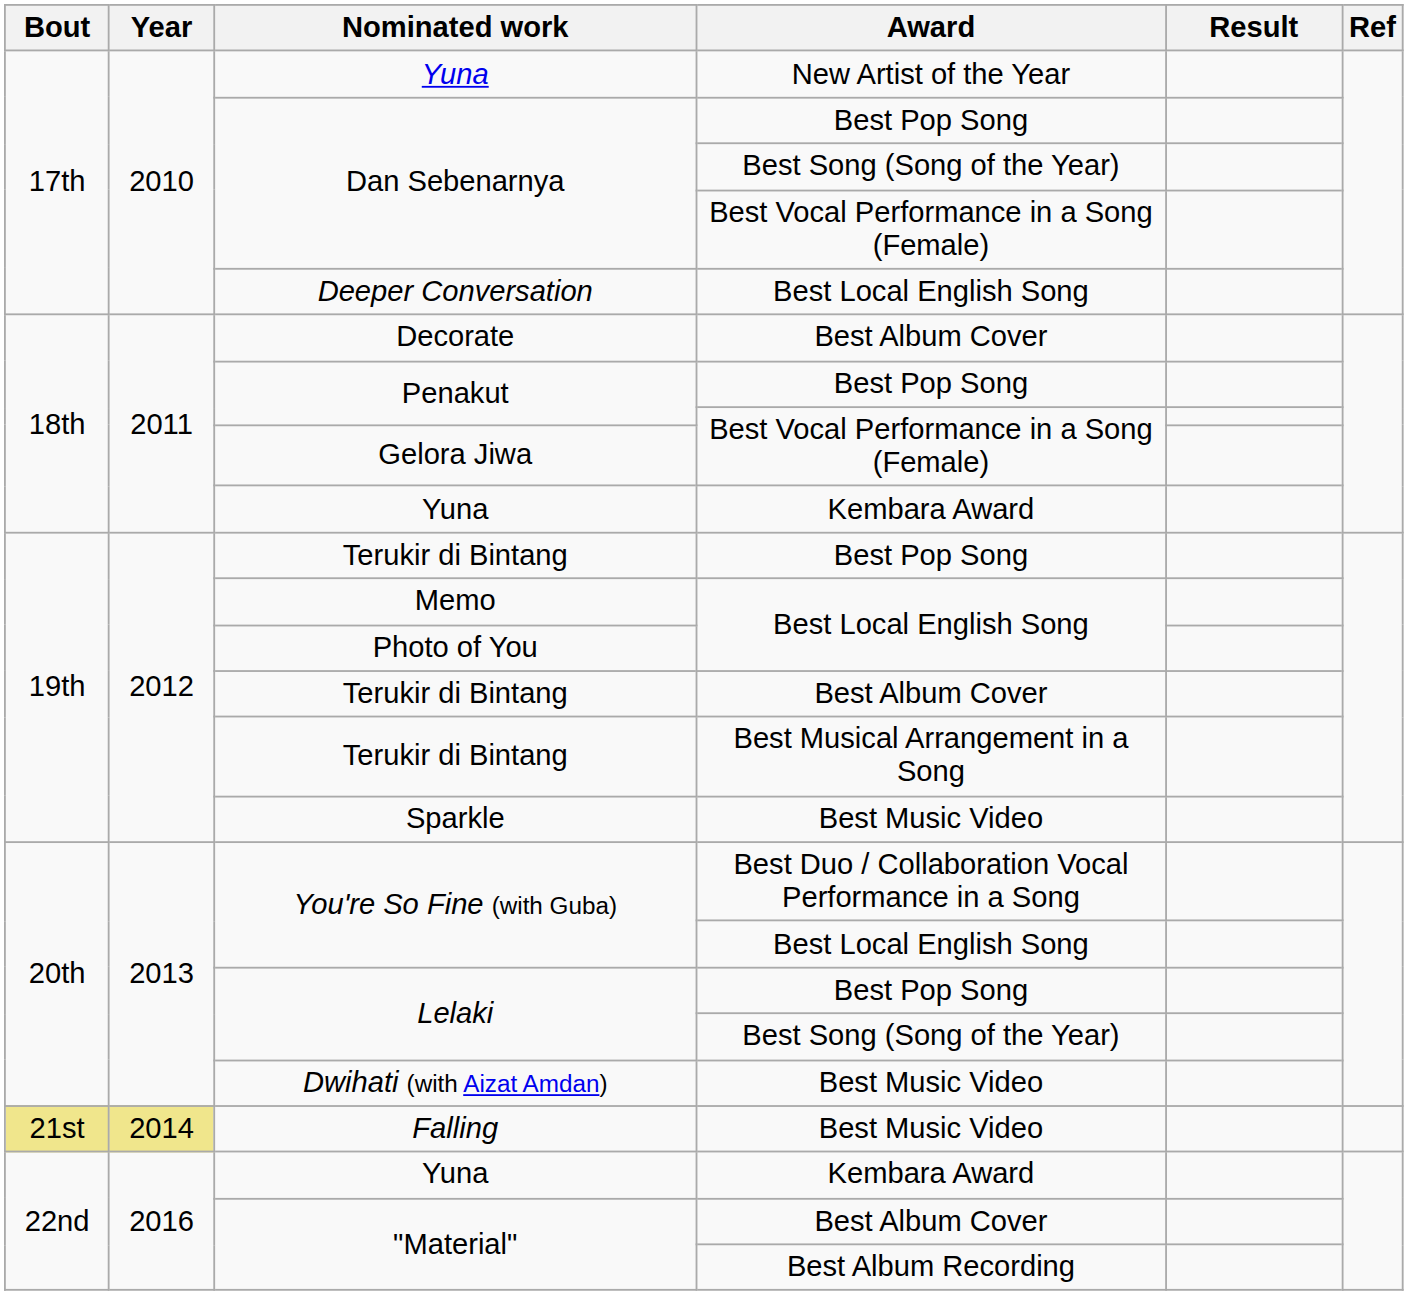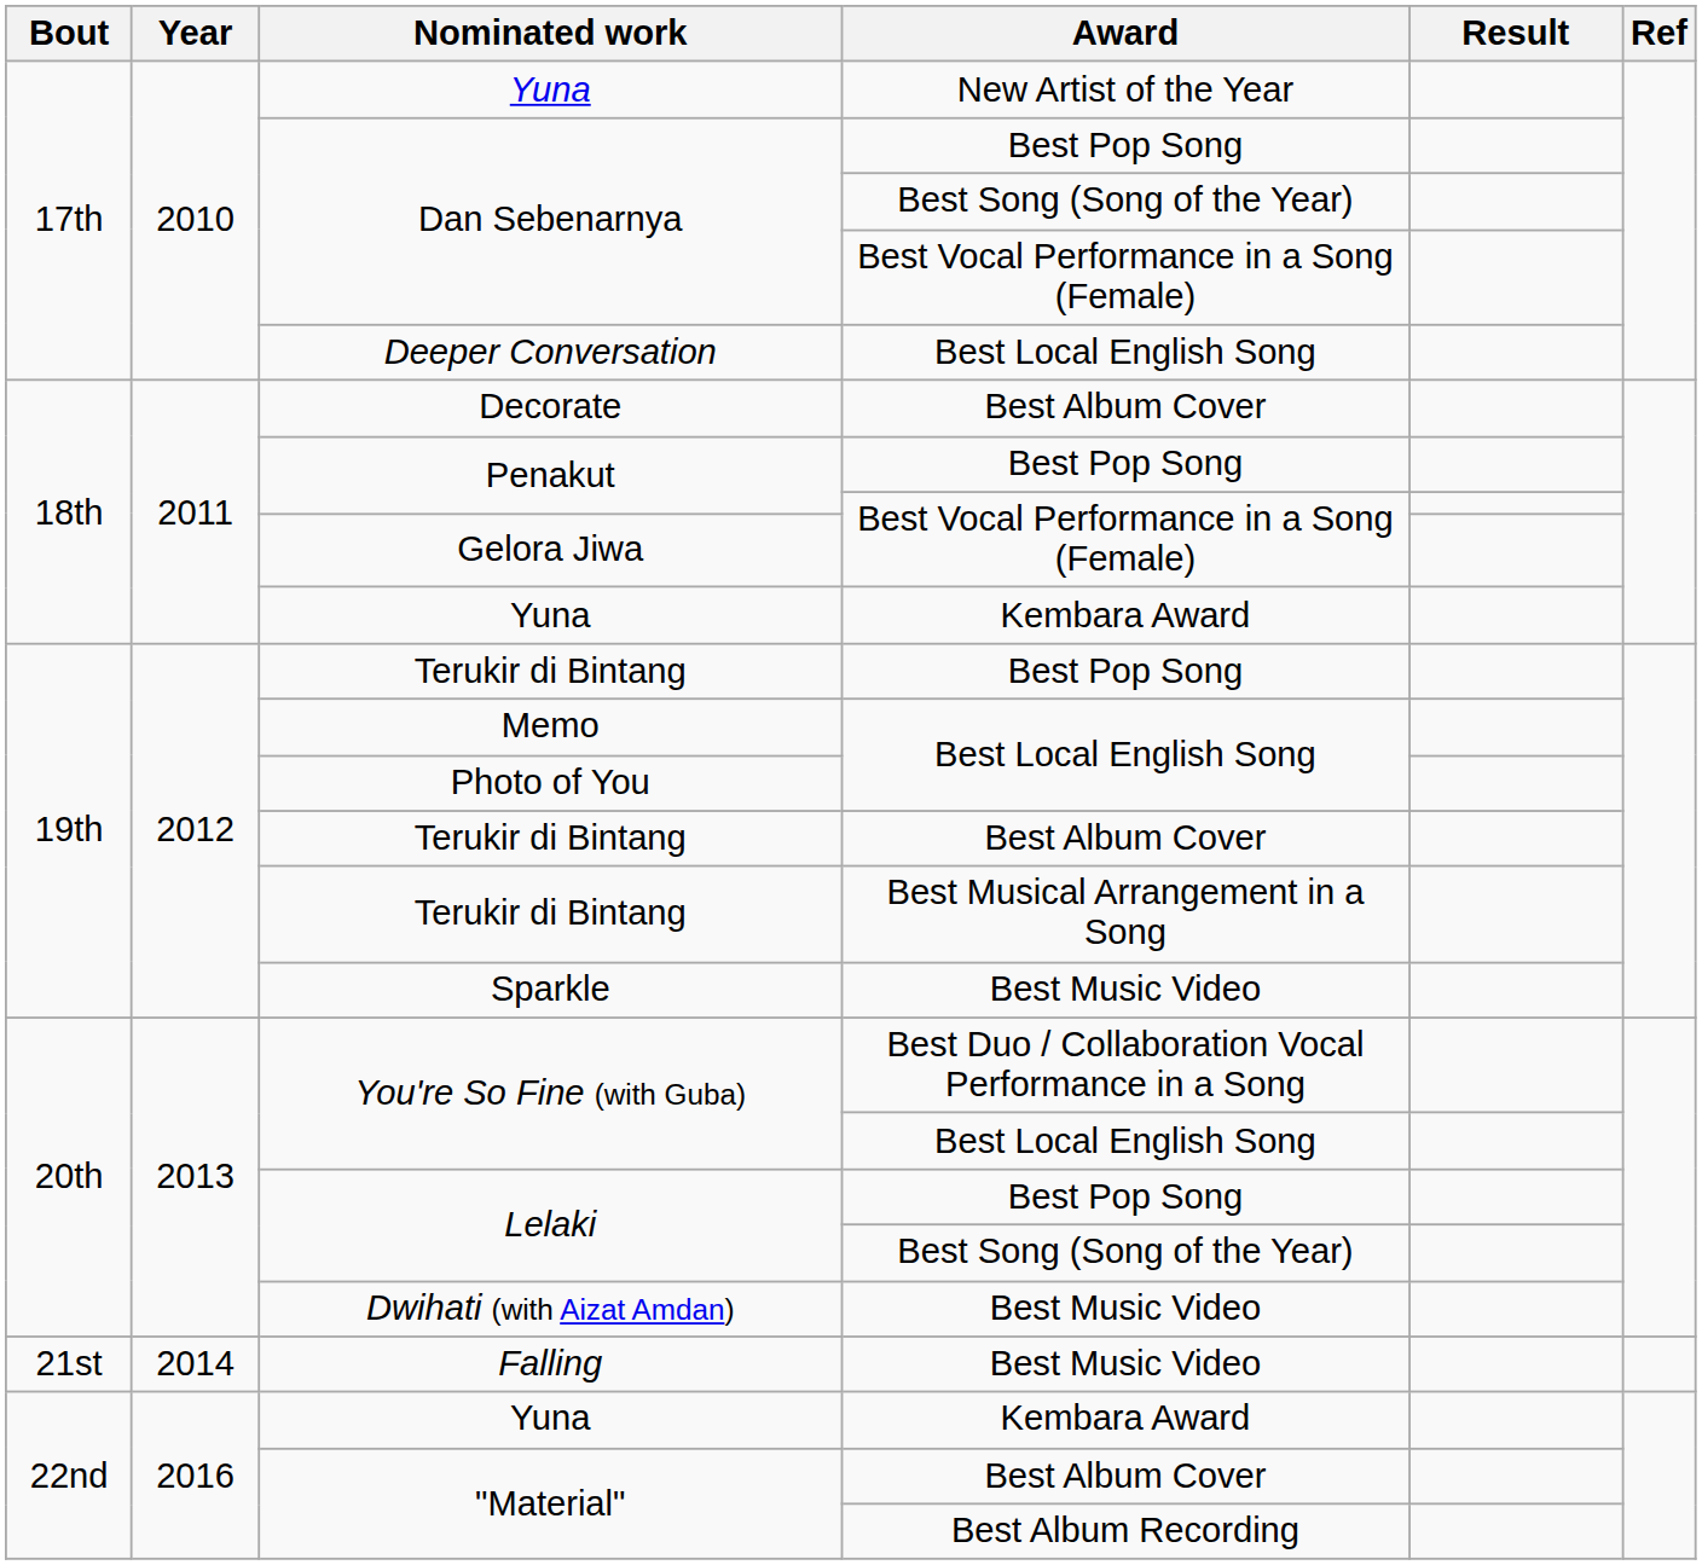 <table class="wikitable">
 <tr>
 <th width="50">Bout</th>
 <th width="50">Year</th>
 <th width="258">Nominated work</th>
 <th width="250">Award</th>
 <th width="90">Result</th>
 <th>Ref</th>
 </tr>
 <tr>
 <td rowspan="5" align="center">17th</td>
 <td rowspan="5" align="center">2010</td>
 <td align="center"><em><a href='#'>Yuna</a></em></td>
 <td align="center">New Artist of the Year</td>
 <td></td>
 <td rowspan="5" align="center"></td>
 </tr>
 <tr>
 <td rowspan="3" align="center">Dan Sebenarnya</td>
 <td align="center">Best Pop Song</td>
 <td></td>
 </tr>
 <tr>
 <td align="center">Best Song (Song of the Year)</td>
 <td></td>
 </tr>
 <tr>
 <td align="center">Best Vocal Performance in a Song (Female)</td>
 <td></td>
 </tr>
 <tr>
 <td align="center"><em>Deeper Conversation</em></td>
 <td align="center">Best Local English Song</td>
 <td></td>
 </tr>
 <tr>
 <td rowspan="5" align="center">18th</td>
 <td rowspan="5" align="center">2011</td>
 <td align="center">Decorate</td>
 <td align="center">Best Album Cover</td>
 <td></td>
 <td rowspan="5" align="center"></td>
 </tr>
 <tr>
 <td rowspan="2" align="center">Penakut</td>
 <td align="center">Best Pop Song</td>
 <td></td>
 </tr>
 <tr>
 <td rowspan="2" align="center">Best Vocal Performance in a Song (Female)</td>
 <td></td>
 </tr>
 <tr>
 <td align="center">Gelora Jiwa</td>
 <td></td>
 </tr>
 <tr>
 <td align="center">Yuna</td>
 <td align="center">Kembara Award</td>
 <td></td>
 </tr>
 <tr>
 <td rowspan="6" align="center">19th</td>
 <td rowspan="6" align="center">2012</td>
 <td align="center">Terukir di Bintang</td>
 <td align="center">Best Pop Song</td>
 <td></td>
 <td rowspan="6" align="center"></td>
 </tr>
 <tr>
 <td align="center">Memo</td>
 <td rowspan="2" align="center">Best Local English Song</td>
 <td></td>
 </tr>
 <tr>
 <td align="center">Photo of You</td>
 <td></td>
 </tr>
 <tr>
 <td align="center">Terukir di Bintang</td>
 <td align="center">Best Album Cover</td>
 <td></td>
 </tr>
 <tr>
 <td align="center">Terukir di Bintang</td>
 <td align="center">Best Musical Arrangement in a Song</td>
 <td></td>
 </tr>
 <tr>
 <td align="center">Sparkle</td>
 <td align="center">Best Music Video</td>
 <td></td>
 </tr>
 <tr>
 <td rowspan="5" align="center">20th</td>
 <td rowspan="5" align="center">2013</td>
 <td rowspan="2" align="center"><em>You're So Fine</em> <small>(with Guba)</small></td>
 <td align="center">Best Duo / Collaboration Vocal Performance in a Song</td>
 <td></td>
 <td rowspan="5" align="center"></td>
 </tr>
 <tr>
 <td align="center">Best Local English Song</td>
 <td></td>
 </tr>
 <tr>
 <td rowspan="2" align="center"><em>Lelaki</em></td>
 <td align="center">Best Pop Song</td>
 <td></td>
 </tr>
 <tr>
 <td align="center">Best Song (Song of the Year)</td>
 <td></td>
 </tr>
 <tr>
 <td align="center"><em>Dwihati</em> <small>(with <a href='#'>Aizat Amdan</a>)</small></td>
 <td align="center">Best Music Video</td>
 <td></td>
 </tr>
 <tr>
-<td rowspan="1" align="center" style="background: khaki;">21st</td>
-<td rowspan="1" align="center" style="background: khaki;">2014</td>
+<td rowspan="1" align="center">21st</td>
+<td rowspan="1" align="center">2014</td>
 <td align="center"><em>Falling</em></td>
 <td align="center">Best Music Video</td>
 <td></td>
 <td align="center"></td>
 </tr>
 <tr>
 <td rowspan="3" align="center">22nd</td>
 <td rowspan="3" align="center">2016</td>
 <td align="center">Yuna</td>
 <td align="center">Kembara Award</td>
 <td></td>
 <td rowspan="3" align="center"></td>
 </tr>
 <tr>
 <td rowspan="2" align="center">"Material"</td>
 <td align="center">Best Album Cover</td>
 <td></td>
 </tr>
 <tr>
 <td align="center">Best Album Recording</td>
 <td></td>
 </tr>
 </table>
